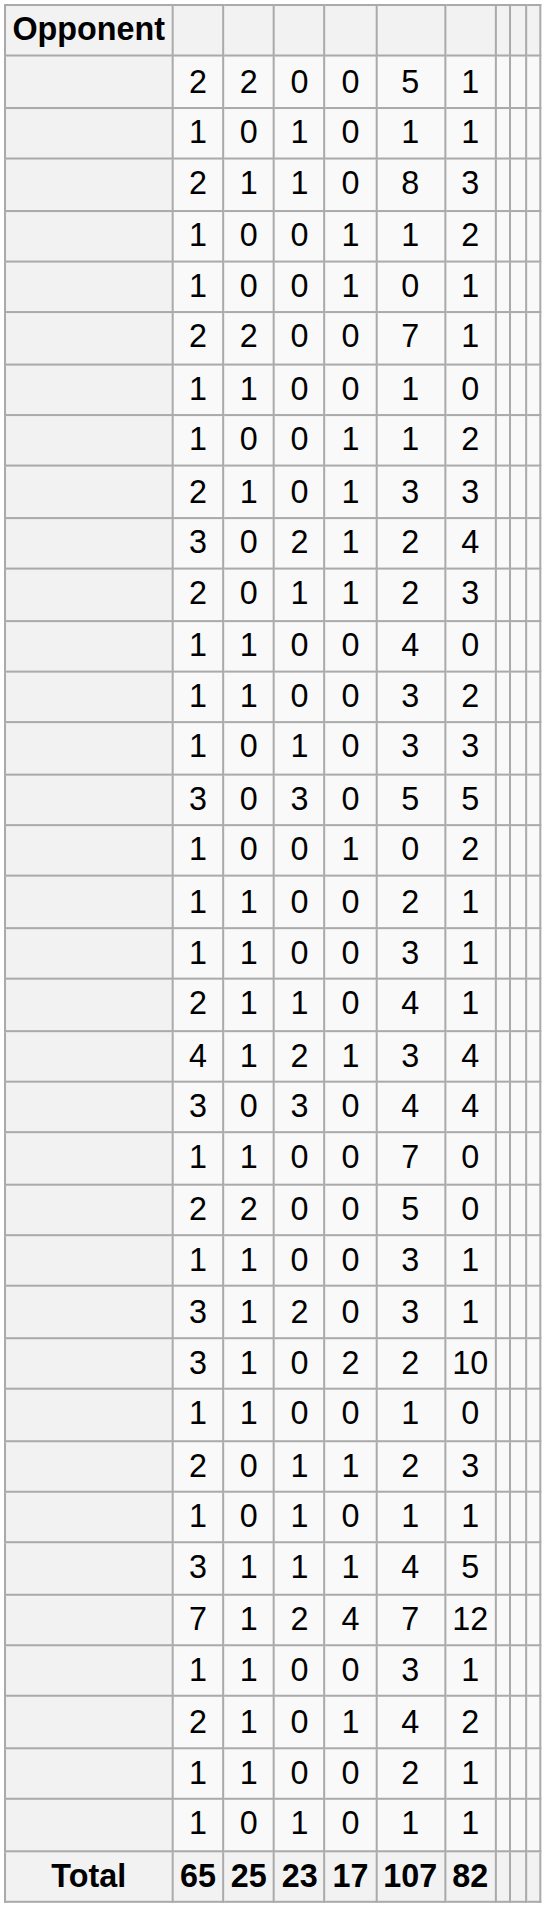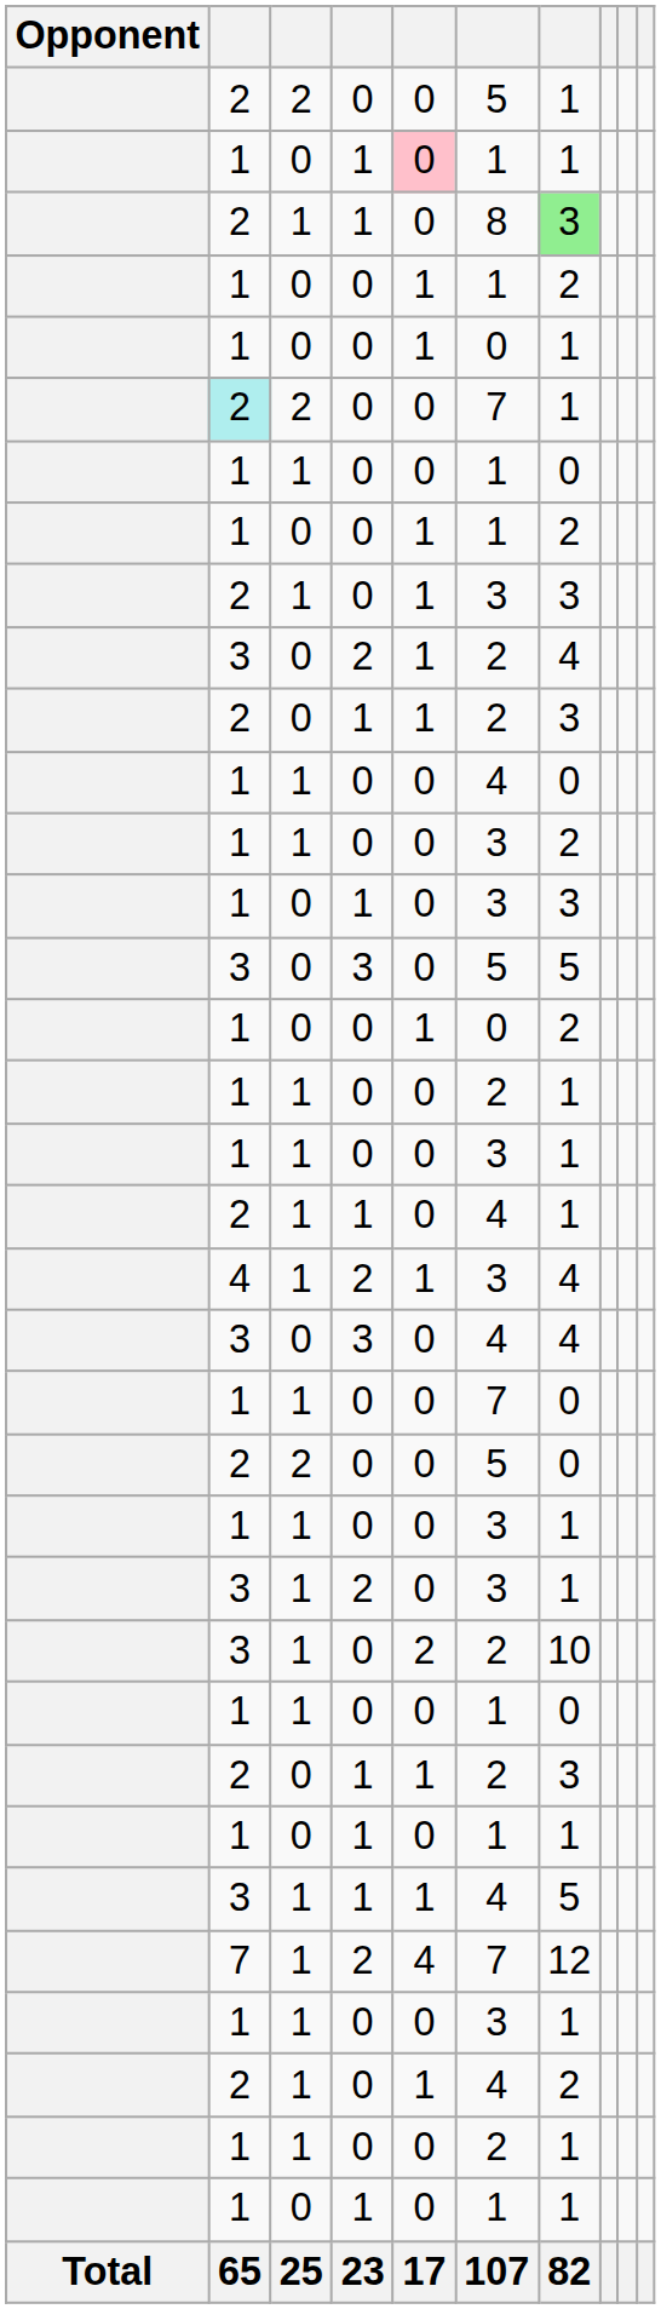 <table class="wikitable plainrowheaders sortable" style="text-align:center">
 <tr>
 <th scope=col>Opponent</th>
 <th scope=col></th>
 <th scope=col></th>
 <th scope=col></th>
 <th scope=col></th>
 <th scope=col></th>
 <th scope=col></th>
 <th scope=col></th>
 <th scope=col></th>
 <th scope=col></th>
 </tr>
 <tr>
 <th scope=row style="text-align:left;"></th>
 <td>2</td>
 <td>2</td>
 <td>0</td>
 <td>0</td>
 <td>5</td>
 <td>1</td>
 <td></td>
 <td></td>
 <td></td>
 </tr>
 <tr>
 <th scope=row style="text-align:left;"></th>
 <td>1</td>
 <td>0</td>
 <td>1</td>
-<td>0</td>
+<td style="background: pink;">0</td>
 <td>1</td>
 <td>1</td>
 <td></td>
 <td></td>
 <td></td>
 </tr>
 <tr>
 <th scope=row style="text-align:left;"></th>
 <td>2</td>
 <td>1</td>
 <td>1</td>
 <td>0</td>
 <td>8</td>
-<td>3</td>
+<td style="background: lightgreen;">3</td>
 <td></td>
 <td></td>
 <td></td>
 </tr>
 <tr>
 <th scope=row style="text-align:left;"></th>
 <td>1</td>
 <td>0</td>
 <td>0</td>
 <td>1</td>
 <td>1</td>
 <td>2</td>
 <td></td>
 <td></td>
 <td></td>
 </tr>
 <tr>
 <th scope=row style="text-align:left;"></th>
 <td>1</td>
 <td>0</td>
 <td>0</td>
 <td>1</td>
 <td>0</td>
 <td>1</td>
 <td></td>
 <td></td>
 <td></td>
 </tr>
 <tr>
 <th scope=row style="text-align:left;"></th>
-<td>2</td>
+<td style="background: paleturquoise;">2</td>
 <td>2</td>
 <td>0</td>
 <td>0</td>
 <td>7</td>
 <td>1</td>
 <td></td>
 <td></td>
 <td></td>
 </tr>
 <tr>
 <th scope=row style="text-align:left;"></th>
 <td>1</td>
 <td>1</td>
 <td>0</td>
 <td>0</td>
 <td>1</td>
 <td>0</td>
 <td></td>
 <td></td>
 <td></td>
 </tr>
 <tr>
 <th scope=row style="text-align:left;"></th>
 <td>1</td>
 <td>0</td>
 <td>0</td>
 <td>1</td>
 <td>1</td>
 <td>2</td>
 <td></td>
 <td></td>
 <td></td>
 </tr>
 <tr>
 <th scope=row style="text-align:left;"></th>
 <td>2</td>
 <td>1</td>
 <td>0</td>
 <td>1</td>
 <td>3</td>
 <td>3</td>
 <td></td>
 <td></td>
 <td></td>
 </tr>
 <tr>
 <th scope=row style="text-align:left;"></th>
 <td>3</td>
 <td>0</td>
 <td>2</td>
 <td>1</td>
 <td>2</td>
 <td>4</td>
 <td></td>
 <td></td>
 <td></td>
 </tr>
 <tr>
 <th scope=row style="text-align:left;"></th>
 <td>2</td>
 <td>0</td>
 <td>1</td>
 <td>1</td>
 <td>2</td>
 <td>3</td>
 <td></td>
 <td></td>
 <td></td>
 </tr>
 <tr>
 <th scope=row style="text-align:left;"></th>
 <td>1</td>
 <td>1</td>
 <td>0</td>
 <td>0</td>
 <td>4</td>
 <td>0</td>
 <td></td>
 <td></td>
 <td></td>
 </tr>
 <tr>
 <th scope=row style="text-align:left;"></th>
 <td>1</td>
 <td>1</td>
 <td>0</td>
 <td>0</td>
 <td>3</td>
 <td>2</td>
 <td></td>
 <td></td>
 <td></td>
 </tr>
 <tr>
 <th scope=row style="text-align:left;"></th>
 <td>1</td>
 <td>0</td>
 <td>1</td>
 <td>0</td>
 <td>3</td>
 <td>3</td>
 <td></td>
 <td></td>
 <td></td>
 </tr>
 <tr>
 <th scope=row style="text-align:left;"></th>
 <td>3</td>
 <td>0</td>
 <td>3</td>
 <td>0</td>
 <td>5</td>
 <td>5</td>
 <td></td>
 <td></td>
 <td></td>
 </tr>
 <tr>
 <th scope=row style="text-align:left;"></th>
 <td>1</td>
 <td>0</td>
 <td>0</td>
 <td>1</td>
 <td>0</td>
 <td>2</td>
 <td></td>
 <td></td>
 <td></td>
 </tr>
 <tr>
 <th scope=row style="text-align:left;"></th>
 <td>1</td>
 <td>1</td>
 <td>0</td>
 <td>0</td>
 <td>2</td>
 <td>1</td>
 <td></td>
 <td></td>
 <td></td>
 </tr>
 <tr>
 <th scope=row style="text-align:left;"></th>
 <td>1</td>
 <td>1</td>
 <td>0</td>
 <td>0</td>
 <td>3</td>
 <td>1</td>
 <td></td>
 <td></td>
 <td></td>
 </tr>
 <tr>
 <th scope=row style="text-align:left;"></th>
 <td>2</td>
 <td>1</td>
 <td>1</td>
 <td>0</td>
 <td>4</td>
 <td>1</td>
 <td></td>
 <td></td>
 <td></td>
 </tr>
 <tr>
 <th scope=row style="text-align:left;"></th>
 <td>4</td>
 <td>1</td>
 <td>2</td>
 <td>1</td>
 <td>3</td>
 <td>4</td>
 <td></td>
 <td></td>
 <td></td>
 </tr>
 <tr>
 <th scope=row style="text-align:left;"></th>
 <td>3</td>
 <td>0</td>
 <td>3</td>
 <td>0</td>
 <td>4</td>
 <td>4</td>
 <td></td>
 <td></td>
 <td></td>
 </tr>
 <tr>
 <th scope=row style="text-align:left;"></th>
 <td>1</td>
 <td>1</td>
 <td>0</td>
 <td>0</td>
 <td>7</td>
 <td>0</td>
 <td></td>
 <td></td>
 <td></td>
 </tr>
 <tr>
 <th scope=row style="text-align:left;"></th>
 <td>2</td>
 <td>2</td>
 <td>0</td>
 <td>0</td>
 <td>5</td>
 <td>0</td>
 <td></td>
 <td></td>
 <td></td>
 </tr>
 <tr>
 <th scope=row style="text-align:left;"></th>
 <td>1</td>
 <td>1</td>
 <td>0</td>
 <td>0</td>
 <td>3</td>
 <td>1</td>
 <td></td>
 <td></td>
 <td></td>
 </tr>
 <tr>
 <th scope=row style="text-align:left;"></th>
 <td>3</td>
 <td>1</td>
 <td>2</td>
 <td>0</td>
 <td>3</td>
 <td>1</td>
 <td></td>
 <td></td>
 <td></td>
 </tr>
 <tr>
 <th scope=row style="text-align:left;"></th>
 <td>3</td>
 <td>1</td>
 <td>0</td>
 <td>2</td>
 <td>2</td>
 <td>10</td>
 <td></td>
 <td></td>
 <td></td>
 </tr>
 <tr>
 <th scope=row style="text-align:left;"></th>
 <td>1</td>
 <td>1</td>
 <td>0</td>
 <td>0</td>
 <td>1</td>
 <td>0</td>
 <td></td>
 <td></td>
 <td></td>
 </tr>
 <tr>
 <th scope=row style="text-align:left;"></th>
 <td>2</td>
 <td>0</td>
 <td>1</td>
 <td>1</td>
 <td>2</td>
 <td>3</td>
 <td></td>
 <td></td>
 <td></td>
 </tr>
 <tr>
 <th scope=row style="text-align:left;"></th>
 <td>1</td>
 <td>0</td>
 <td>1</td>
 <td>0</td>
 <td>1</td>
 <td>1</td>
 <td></td>
 <td></td>
 <td></td>
 </tr>
 <tr>
 <th scope=row style="text-align:left;"></th>
 <td>3</td>
 <td>1</td>
 <td>1</td>
 <td>1</td>
 <td>4</td>
 <td>5</td>
 <td></td>
 <td></td>
 <td></td>
 </tr>
 <tr>
 <th scope=row style="text-align:left;"></th>
 <td>7</td>
 <td>1</td>
 <td>2</td>
 <td>4</td>
 <td>7</td>
 <td>12</td>
 <td></td>
 <td></td>
 <td></td>
 </tr>
 <tr>
 <th scope=row style="text-align:left;"></th>
 <td>1</td>
 <td>1</td>
 <td>0</td>
 <td>0</td>
 <td>3</td>
 <td>1</td>
 <td></td>
 <td></td>
 <td></td>
 </tr>
 <tr>
 <th scope=row style="text-align:left;"></th>
 <td>2</td>
 <td>1</td>
 <td>0</td>
 <td>1</td>
 <td>4</td>
 <td>2</td>
 <td></td>
 <td></td>
 <td></td>
 </tr>
 <tr>
 <th scope=row style="text-align:left;"></th>
 <td>1</td>
 <td>1</td>
 <td>0</td>
 <td>0</td>
 <td>2</td>
 <td>1</td>
 <td></td>
 <td></td>
 <td></td>
 </tr>
 <tr>
 <th scope=row style="text-align:left;"></th>
 <td>1</td>
 <td>0</td>
 <td>1</td>
 <td>0</td>
 <td>1</td>
 <td>1</td>
 <td></td>
 <td></td>
 <td></td>
 </tr>
 <tr class="sortbottom">
 <th>Total</th>
 <th>65</th>
 <th>25</th>
 <th>23</th>
 <th>17</th>
 <th>107</th>
 <th>82</th>
 <th></th>
 <th></th>
 <th></th>
 </tr>
 </table>
